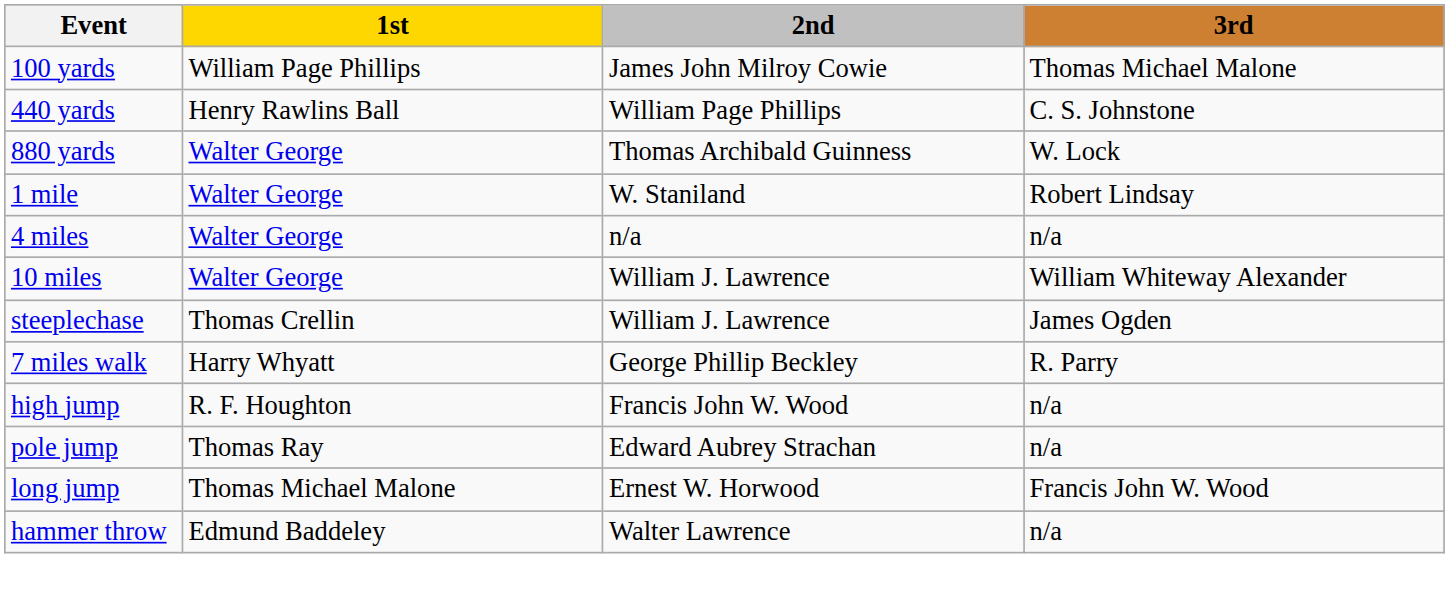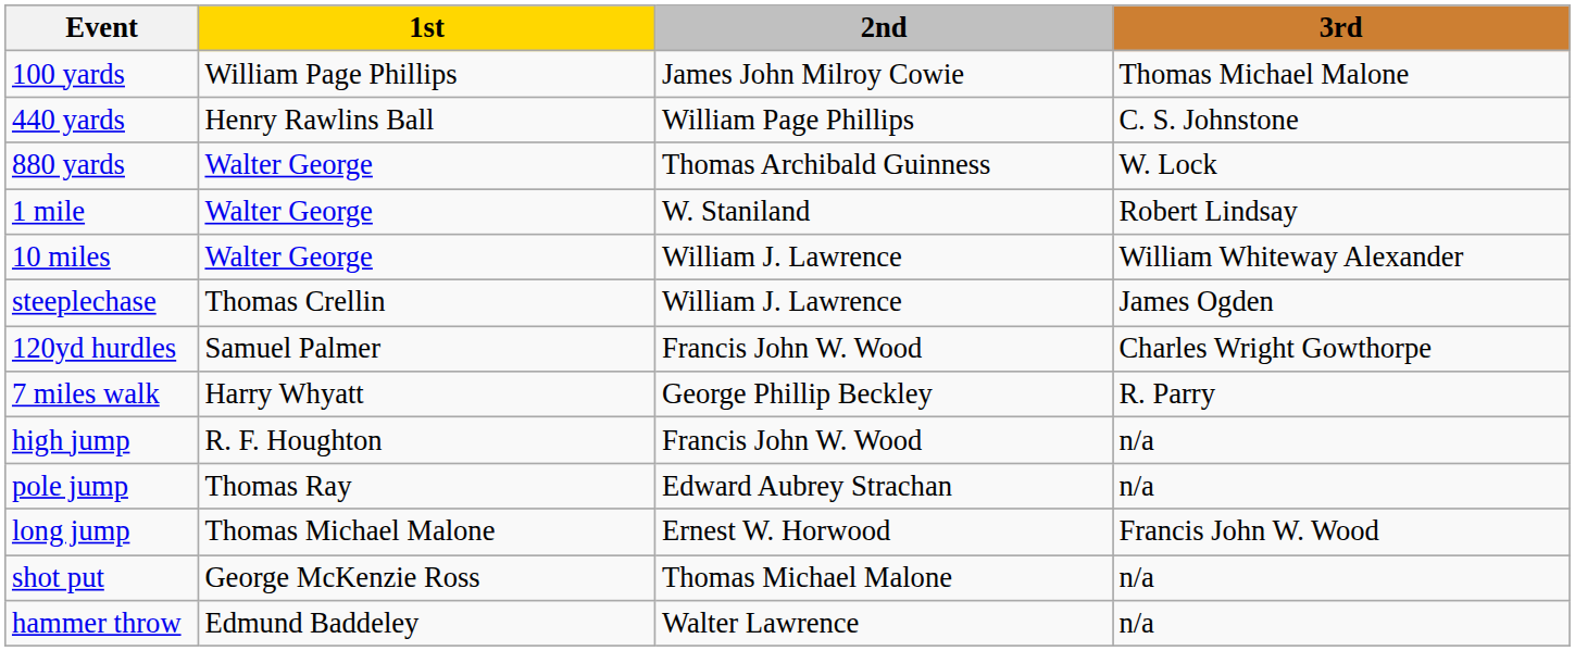 <table class="wikitable" style="text-align:left">
 <tr>
 <th width=100>Event</th>
 <th width="250" style="background:gold;">1st</th>
 <th width="250" style="background:silver;">2nd</th>
 <th width="250" style="background:#CD7F32;">3rd</th>
 </tr>
 <tr>
 <td><a href='#'>100 yards</a></td>
 <td>William Page Phillips</td>
 <td> James John Milroy Cowie</td>
 <td> Thomas Michael Malone</td>
 </tr>
 <tr>
 <td><a href='#'>440 yards</a></td>
 <td>Henry Rawlins Ball</td>
 <td>William Page Phillips</td>
 <td>C. S. Johnstone</td>
 </tr>
 <tr>
 <td><a href='#'>880 yards</a></td>
 <td><a href='#'>Walter George</a></td>
 <td>Thomas Archibald Guinness</td>
 <td>W. Lock</td>
 </tr>
 <tr>
 <td><a href='#'>1 mile</a></td>
 <td><a href='#'>Walter George</a></td>
 <td>W. Staniland</td>
 <td>Robert Lindsay</td>
 </tr>
 <tr>
-<td><a href='#'>4 miles</a></td>
-<td><a href='#'>Walter George</a></td>
-<td>n/a</td>
-<td>n/a</td>
-</tr>
-<tr>
 <td><a href='#'>10 miles</a></td>
 <td><a href='#'>Walter George</a></td>
 <td>William J. Lawrence</td>
 <td>William Whiteway Alexander</td>
 </tr>
 <tr>
 <td><a href='#'>steeplechase</a></td>
 <td>Thomas Crellin</td>
 <td>William J. Lawrence</td>
 <td>James Ogden</td>
+</tr>
+<tr>
+<td><a href='#'>120yd hurdles</a></td>
+<td>Samuel Palmer</td>
+<td>Francis John W. Wood</td>
+<td>Charles Wright Gowthorpe</td>
 </tr>
 <tr>
 <td><a href='#'>7 miles walk</a></td>
 <td>Harry Whyatt</td>
 <td>George Phillip Beckley</td>
 <td>R. Parry</td>
 </tr>
 <tr>
 <td><a href='#'>high jump</a></td>
 <td> R. F. Houghton</td>
 <td>Francis John W. Wood</td>
 <td>n/a</td>
 </tr>
 <tr>
 <td><a href='#'>pole jump</a></td>
 <td>Thomas Ray</td>
 <td>Edward Aubrey Strachan</td>
 <td>n/a</td>
 </tr>
 <tr>
 <td><a href='#'>long jump</a></td>
 <td> Thomas Michael Malone</td>
 <td>Ernest W. Horwood</td>
 <td>Francis John W. Wood</td>
 </tr>
 <tr>
+<td><a href='#'>shot put</a></td>
+<td>George McKenzie Ross</td>
+<td> Thomas Michael Malone</td>
+<td>n/a</td>
+</tr>
+<tr>
 <td><a href='#'>hammer throw</a></td>
 <td>Edmund Baddeley</td>
 <td>Walter Lawrence</td>
 <td>n/a</td>
 </tr>
 </table>
